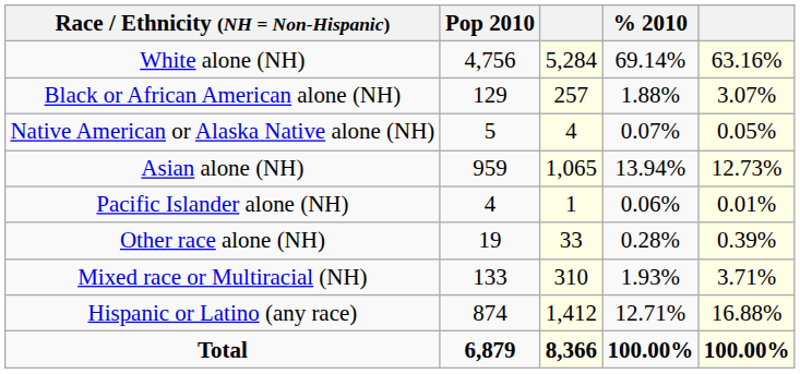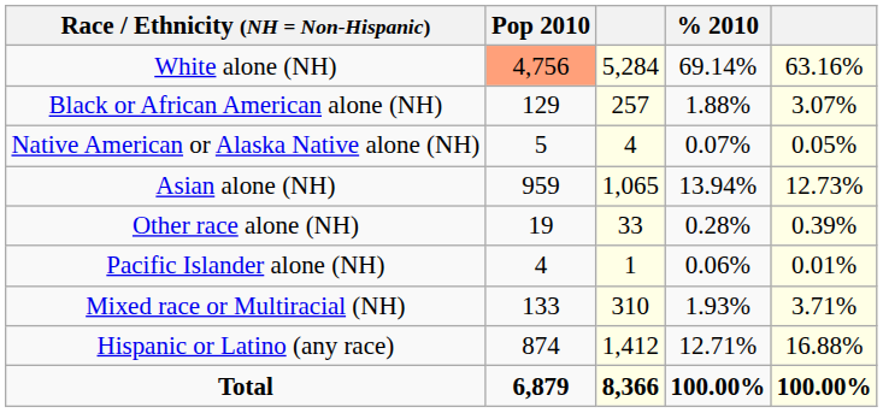 <table class="wikitable" style="text-align:center;">
 <tr>
 <th>Race / Ethnicity <small>(<em>NH = Non-Hispanic</em>)</small></th>
 <th>Pop 2010</th>
 <th></th>
 <th>% 2010</th>
 <th></th>
 </tr>
 <tr>
 <td><a href='#'>White</a> alone (NH)</td>
-<td>4,756</td>
+<td style="background: lightsalmon;">4,756</td>
 <td style='background: #ffffe6;'>5,284</td>
 <td>69.14%</td>
 <td style='background: #ffffe6;'>63.16%</td>
 </tr>
 <tr>
 <td><a href='#'>Black or African American</a> alone (NH)</td>
 <td>129</td>
 <td style='background: #ffffe6;'>257</td>
 <td>1.88%</td>
 <td style='background: #ffffe6;'>3.07%</td>
 </tr>
 <tr>
 <td><a href='#'>Native American</a> or <a href='#'>Alaska Native</a> alone (NH)</td>
 <td>5</td>
 <td style='background: #ffffe6;'>4</td>
 <td>0.07%</td>
 <td style='background: #ffffe6;'>0.05%</td>
 </tr>
 <tr>
 <td><a href='#'>Asian</a> alone (NH)</td>
 <td>959</td>
 <td style='background: #ffffe6;'>1,065</td>
 <td>13.94%</td>
 <td style='background: #ffffe6;'>12.73%</td>
 </tr>
 <tr>
+<td><a href='#'>Other race</a> alone (NH)</td>
+<td>19</td>
+<td style='background: #ffffe6;'>33</td>
+<td>0.28%</td>
+<td style='background: #ffffe6;'>0.39%</td>
+</tr>
+<tr>
 <td><a href='#'>Pacific Islander</a> alone (NH)</td>
 <td>4</td>
 <td style='background: #ffffe6;'>1</td>
 <td>0.06%</td>
 <td style='background: #ffffe6;'>0.01%</td>
-</tr>
-<tr>
-<td><a href='#'>Other race</a> alone (NH)</td>
-<td>19</td>
-<td style='background: #ffffe6;'>33</td>
-<td>0.28%</td>
-<td style='background: #ffffe6;'>0.39%</td>
 </tr>
 <tr>
 <td><a href='#'>Mixed race or Multiracial</a> (NH)</td>
 <td>133</td>
 <td style='background: #ffffe6;'>310</td>
 <td>1.93%</td>
 <td style='background: #ffffe6;'>3.71%</td>
 </tr>
 <tr>
 <td><a href='#'>Hispanic or Latino</a> (any race)</td>
 <td>874</td>
 <td style='background: #ffffe6;'>1,412</td>
 <td>12.71%</td>
 <td style='background: #ffffe6;'>16.88%</td>
 </tr>
 <tr>
 <td><strong>Total</strong></td>
 <td><strong>6,879</strong></td>
 <td style='background: #ffffe6;'><strong>8,366</strong></td>
 <td><strong>100.00%</strong></td>
 <td style='background: #ffffe6;'><strong>100.00%</strong></td>
 </tr>
 </table>
